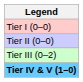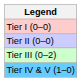 <table class="wikitable" style="font-size:90%;">
 <tr>
 <th>Legend</th>
 </tr>
 <tr>
 <td style="background:#fcc;">Tier I (0–0)</td>
 </tr>
 <tr>
 <td style="background:#ccf;">Tier II (0–0)</td>
 </tr>
 <tr>
 <td style="background:#cfc;">Tier III (0–2)</td>
 </tr>
 <tr>
-<td style="background:#6cf;"><strong>Tier IV & V (1–0)</strong></td>
+<td style="background:#6cf;">Tier IV & V (1–0)</td>
 </tr>
 </table>
